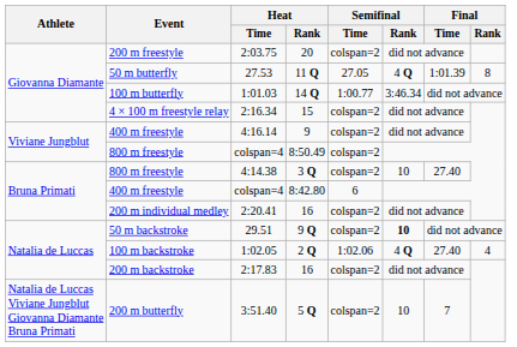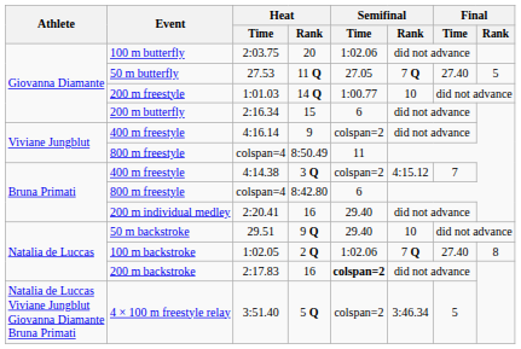 <table class=wikitable style="font-size:90%">
 <tr>
 <th rowspan=2>Athlete</th>
 <th rowspan=2>Event</th>
 <th colspan="2">Heat</th>
 <th colspan="2">Semifinal</th>
 <th colspan="2">Final</th>
 </tr>
 <tr style="font-size:95%">
 <th>Time</th>
 <th>Rank</th>
 <th>Time</th>
 <th>Rank</th>
 <th>Time</th>
 <th>Rank</th>
 </tr>
 <tr align=center>
 <td align=left rowspan=4><a href='#'>Giovanna Diamante</a></td>
-<td align=left><a href='#'>200 m freestyle</a></td>
+<td align=left><a href='#'>100 m butterfly</a></td>
 <td>2:03.75</td>
 <td>20</td>
-<td>colspan=2 </td>
+<td>1:02.06</td>
 <td colspan="2">did not advance</td>
 </tr>
 <tr align=center>
 <td align=left><a href='#'>50 m butterfly</a></td>
 <td>27.53</td>
 <td>11 <strong>Q</strong></td>
 <td>27.05</td>
-<td>4 <strong>Q</strong></td>
-<td>1:01.39</td>
-<td>8</td>
+<td>7 <strong>Q</strong></td>
+<td>27.40</td>
+<td>5</td>
 </tr>
 <tr align=center>
-<td align=left><a href='#'>100 m butterfly</a></td>
+<td align=left><a href='#'>200 m freestyle</a></td>
 <td>1:01.03</td>
 <td>14 <strong>Q</strong></td>
 <td>1:00.77</td>
-<td>3:46.34</td>
+<td>10</td>
 <td colspan="2">did not advance</td>
 </tr>
 <tr align=center>
-<td align=left><a href='#'>4 × 100 m freestyle relay</a></td>
+<td align=left><a href='#'>200 m butterfly</a></td>
 <td>2:16.34</td>
 <td>15</td>
-<td>colspan=2 </td>
+<td>6</td>
 <td colspan="2">did not advance</td>
 </tr>
 <tr align=center>
 <td align=left rowspan=2><a href='#'>Viviane Jungblut</a></td>
 <td align=left><a href='#'>400 m freestyle</a></td>
 <td>4:16.14</td>
 <td>9</td>
 <td>colspan=2 </td>
 <td colspan="2">did not advance</td>
 </tr>
 <tr align=center>
 <td align=left><a href='#'>800 m freestyle</a></td>
 <td>colspan=4 </td>
 <td>8:50.49</td>
-<td>colspan=2 </td>
+<td>11</td>
 </tr>
 <tr align=center>
 <td align=left rowspan=3><a href='#'>Bruna Primati</a></td>
-<td align=left><a href='#'>800 m freestyle</a></td>
+<td align=left><a href='#'>400 m freestyle</a></td>
 <td>4:14.38</td>
 <td>3 <strong>Q</strong></td>
 <td>colspan=2 </td>
-<td>10</td>
-<td>27.40</td>
+<td>4:15.12</td>
+<td>7</td>
 </tr>
 <tr align=center>
-<td align=left><a href='#'>400 m freestyle</a></td>
+<td align=left><a href='#'>800 m freestyle</a></td>
 <td>colspan=4 </td>
 <td>8:42.80</td>
 <td>6</td>
 </tr>
 <tr align=center>
 <td align=left><a href='#'>200 m individual medley</a></td>
 <td>2:20.41</td>
 <td>16</td>
-<td>colspan=2 </td>
+<td>29.40</td>
 <td colspan="2">did not advance</td>
 </tr>
 <tr align=center>
 <td align=left rowspan=3><a href='#'>Natalia de Luccas</a></td>
 <td align=left><a href='#'>50 m backstroke</a></td>
 <td>29.51</td>
 <td>9 <strong>Q</strong></td>
-<td>colspan=2 </td>
-<td><strong>10</strong></td>
+<td>29.40</td>
+<td>10</td>
 <td colspan="2">did not advance</td>
 </tr>
 <tr align=center>
 <td align=left><a href='#'>100 m backstroke</a></td>
 <td>1:02.05</td>
 <td>2 <strong>Q</strong></td>
 <td>1:02.06</td>
-<td>4 <strong>Q</strong></td>
+<td>7 <strong>Q</strong></td>
 <td>27.40</td>
-<td>4</td>
+<td>8</td>
 </tr>
 <tr align=center>
 <td align=left><a href='#'>200 m backstroke</a></td>
 <td>2:17.83</td>
 <td>16</td>
-<td>colspan=2 </td>
+<td><strong>colspan=2 </strong></td>
 <td colspan="2">did not advance</td>
 </tr>
 <tr align=center>
 <td align=left><a href='#'>Natalia de Luccas</a><br><a href='#'>Viviane Jungblut</a><br><a href='#'>Giovanna Diamante</a><br><a href='#'>Bruna Primati</a></td>
-<td align=left><a href='#'>200 m butterfly</a></td>
+<td align=left><a href='#'>4 × 100 m freestyle relay</a></td>
 <td>3:51.40</td>
 <td>5 <strong>Q</strong></td>
 <td>colspan=2 </td>
-<td>10</td>
-<td>7</td>
+<td>3:46.34</td>
+<td>5</td>
 </tr>
 </table>
